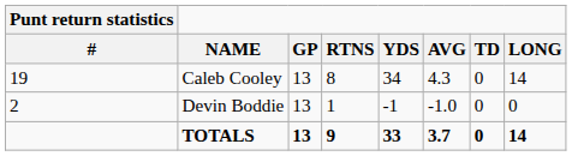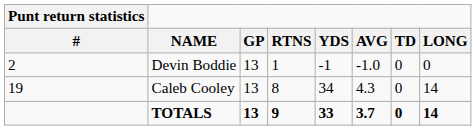 <table class="wikitable collapsible">
 <tr>
 <th style="text-align:center; ">Punt return statistics</th>
 </tr>
 <tr>
 <th>#</th>
 <th>NAME</th>
 <th>GP</th>
 <th>RTNS</th>
 <th>YDS</th>
 <th>AVG</th>
 <th>TD</th>
 <th>LONG</th>
 </tr>
 <tr>
+<td>2</td>
+<td>Devin Boddie</td>
+<td>13</td>
+<td>1</td>
+<td>-1</td>
+<td>-1.0</td>
+<td>0</td>
+<td>0</td>
+</tr>
+<tr>
 <td>19</td>
 <td>Caleb Cooley</td>
 <td>13</td>
 <td>8</td>
 <td>34</td>
 <td>4.3</td>
 <td>0</td>
 <td>14</td>
-</tr>
-<tr>
-<td>2</td>
-<td>Devin Boddie</td>
-<td>13</td>
-<td>1</td>
-<td>-1</td>
-<td>-1.0</td>
-<td>0</td>
-<td>0</td>
 </tr>
 <tr>
 <td></td>
 <td><strong>TOTALS</strong></td>
 <td><strong>13</strong></td>
 <td><strong>9</strong></td>
 <td><strong>33</strong></td>
 <td><strong>3.7</strong></td>
 <td><strong>0</strong></td>
 <td><strong>14</strong></td>
 </tr>
 </table>
